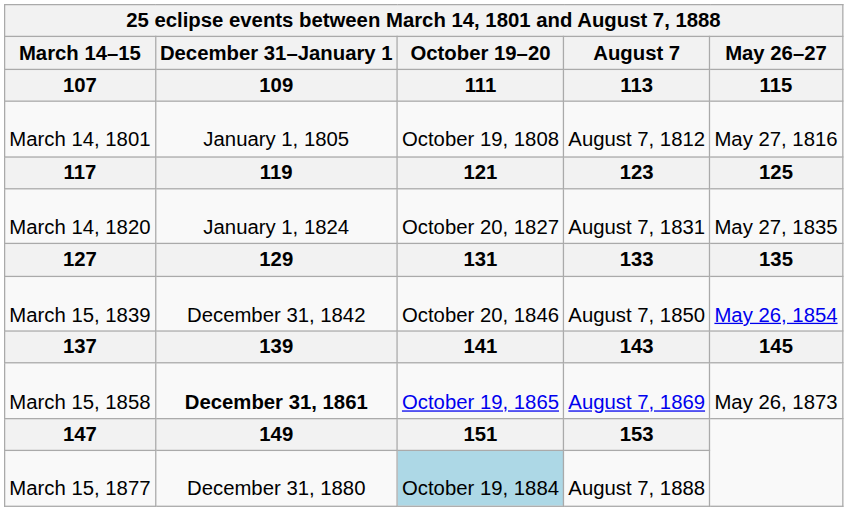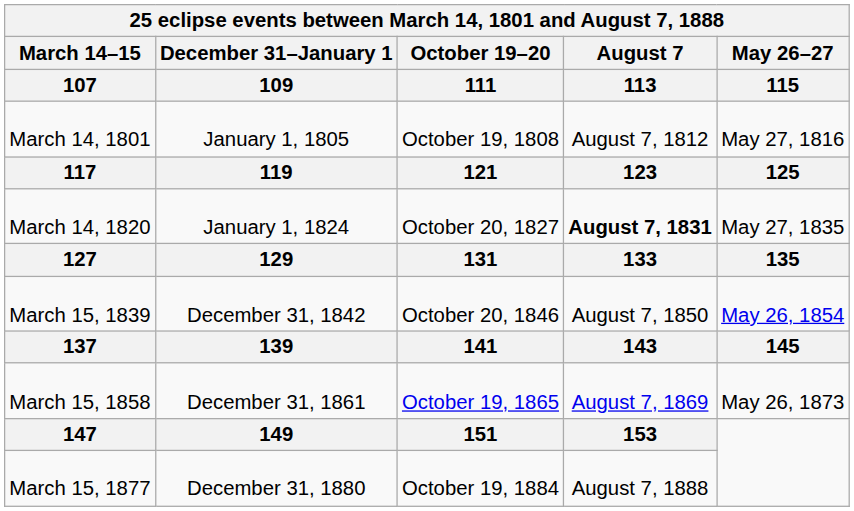 <table class="wikitable mw-collapsible mw-collapsed">
 <tr>
 <th colspan=5>25 eclipse events between March 14, 1801 and August 7, 1888</th>
 </tr>
 <tr>
 <th>March 14–15</th>
 <th>December 31–January 1</th>
 <th>October 19–20</th>
 <th>August 7</th>
 <th>May 26–27</th>
 </tr>
 <tr>
 <th>107</th>
 <th>109</th>
 <th>111</th>
 <th>113</th>
 <th>115</th>
 </tr>
 <tr style="text-align:center;">
 <td><br>March 14, 1801</td>
 <td><br>January 1, 1805</td>
 <td><br>October 19, 1808</td>
 <td><br>August 7, 1812</td>
 <td><br>May 27, 1816</td>
 </tr>
 <tr>
 <th>117</th>
 <th>119</th>
 <th>121</th>
 <th>123</th>
 <th>125</th>
 </tr>
 <tr style="text-align:center;">
 <td><br>March 14, 1820</td>
 <td><br>January 1, 1824</td>
 <td><br>October 20, 1827</td>
-<td><br>August 7, 1831</td>
+<td><strong><br>August 7, 1831</strong></td>
 <td><br>May 27, 1835</td>
 </tr>
 <tr>
 <th>127</th>
 <th>129</th>
 <th>131</th>
 <th>133</th>
 <th>135</th>
 </tr>
 <tr style="text-align:center;">
 <td><br>March 15, 1839</td>
 <td><br>December 31, 1842</td>
 <td><br>October 20, 1846</td>
 <td><br>August 7, 1850</td>
 <td><br><a href='#'>May 26, 1854</a></td>
 </tr>
 <tr>
 <th>137</th>
 <th>139</th>
 <th>141</th>
 <th>143</th>
 <th>145</th>
 </tr>
 <tr style="text-align:center;">
 <td><br>March 15, 1858</td>
-<td><strong><br>December 31, 1861</strong></td>
+<td><br>December 31, 1861</td>
 <td><br><a href='#'>October 19, 1865</a></td>
 <td><br><a href='#'>August 7, 1869</a></td>
 <td><br>May 26, 1873</td>
 </tr>
 <tr>
 <th>147</th>
 <th>149</th>
 <th>151</th>
 <th>153</th>
 </tr>
 <tr style="text-align:center;">
 <td><br>March 15, 1877</td>
 <td><br>December 31, 1880</td>
-<td style="background: lightblue;"><br>October 19, 1884</td>
+<td><br>October 19, 1884</td>
 <td><br>August 7, 1888</td>
 </tr>
 </table>
